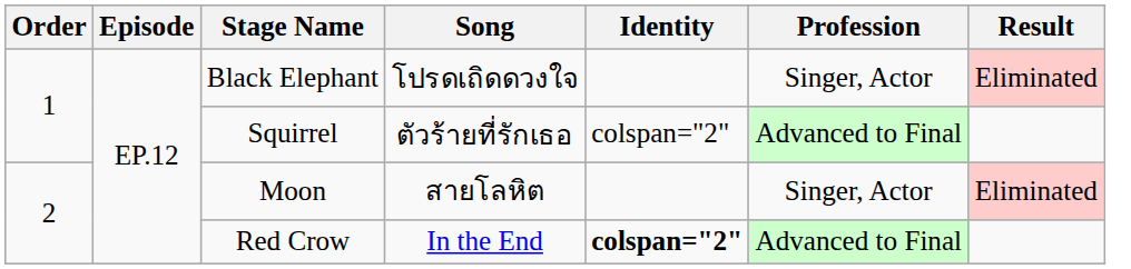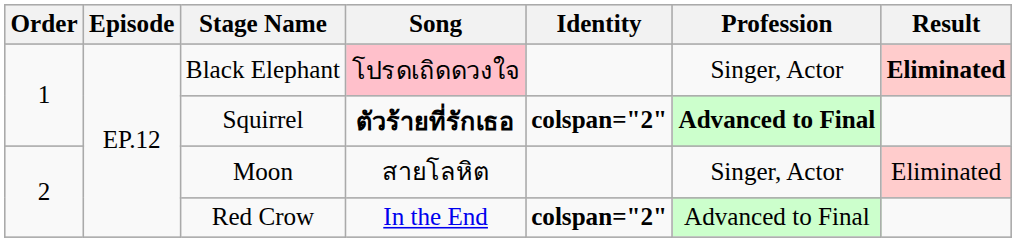 <table class="wikitable">
 <tr>
 <th>Order</th>
 <th>Episode</th>
 <th>Stage Name</th>
 <th>Song</th>
 <th>Identity</th>
 <th>Profession</th>
 <th>Result</th>
 </tr>
 <tr>
 <td rowspan="2" align="center">1</td>
 <td rowspan="4" align="center">EP.12</td>
 <td align="center">Black Elephant</td>
-<td align="center">โปรดเถิดดวงใจ</td>
+<td align="center" style="background: pink;">โปรดเถิดดวงใจ</td>
 <td align="center"></td>
 <td align="center">Singer, Actor</td>
-<td style="text-align:center; background:#ffcccc;">Eliminated</td>
+<td style="text-align:center; background:#ffcccc;"><strong>Eliminated</strong></td>
 </tr>
 <tr>
 <td align="center">Squirrel</td>
-<td align="center">ตัวร้ายที่รักเธอ</td>
-<td>colspan="2"  </td>
-<td style="text-align:center; background:#ccffcc;">Advanced to Final</td>
+<td align="center"><strong>ตัวร้ายที่รักเธอ</strong></td>
+<td><strong>colspan="2"  </strong></td>
+<td style="text-align:center; background:#ccffcc;"><strong>Advanced to Final</strong></td>
 </tr>
 <tr>
 <td rowspan="2" align="center">2</td>
 <td align="center">Moon</td>
 <td align="center">สายโลหิต</td>
 <td align="center"></td>
 <td align="center">Singer, Actor</td>
 <td style="text-align:center; background:#ffcccc;">Eliminated</td>
 </tr>
 <tr>
 <td align="center">Red Crow</td>
 <td align="center"><a href='#'>In the End</a></td>
 <td><strong>colspan="2"  </strong></td>
 <td style="text-align:center; background:#ccffcc;">Advanced to Final</td>
 </tr>
 </table>
